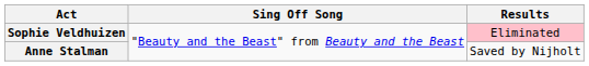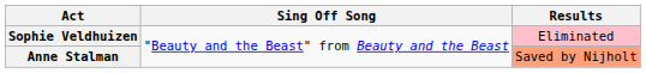 <table class="wikitable plainrowheaders" style="text-align:center;">
 <tr>
 <th scope="col">Act</th>
 <th scope="col">Sing Off Song</th>
 <th scope="col">Results</th>
 </tr>
 <tr>
 <th scope="row">Sophie Veldhuizen</th>
 <td rowspan="2">"<a href='#'>Beauty and the Beast</a>" from <em><a href='#'>Beauty and the Beast</a></em></td>
 <td style="background:pink;">Eliminated</td>
 </tr>
 <tr>
 <th scope="row">Anne Stalman</th>
-<td>Saved by Nijholt</td>
+<td style="background: lightsalmon;">Saved by Nijholt</td>
 </tr>
 </table>
